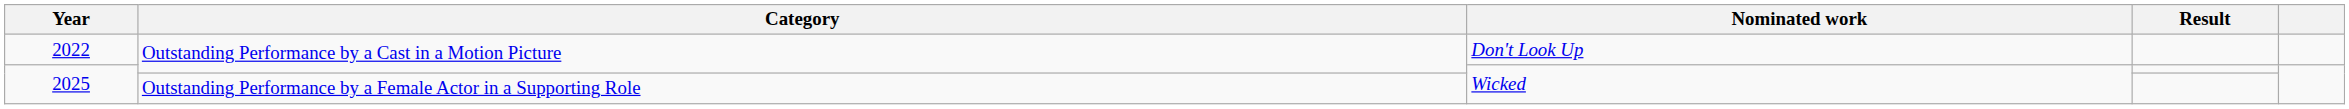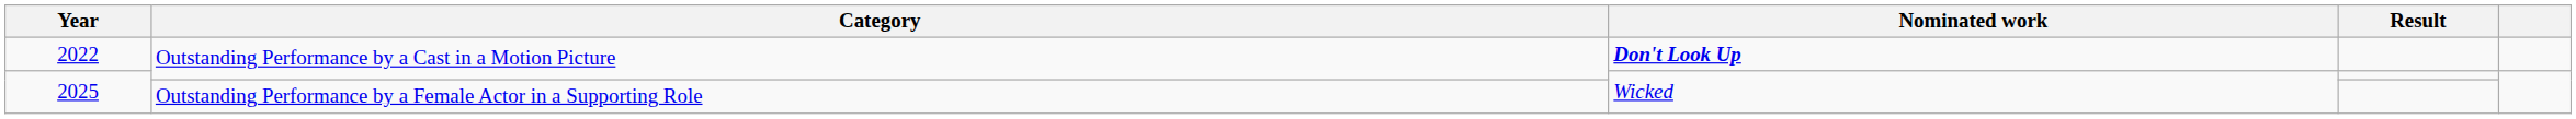 <table class="wikitable plainrowheaders" style="width:100%;">
 <tr>
 <th scope="col" style="width:2%;">Year</th>
 <th scope="col" style="width:20%;">Category</th>
 <th scope="col" style="width:10%;">Nominated work</th>
 <th scope="col" style="width:2%;">Result</th>
 <th scope="col" style="width:1%;"></th>
 </tr>
 <tr>
 <td align="center"><a href='#'>2022</a></td>
 <td rowspan="2"><a href='#'>Outstanding Performance by a Cast in a Motion Picture</a></td>
-<td><em><a href='#'>Don't Look Up</a></em></td>
+<td><strong><em><a href='#'>Don't Look Up</a></em></strong></td>
 <td></td>
 <td style="text-align:center;"></td>
 </tr>
 <tr>
 <td align="center" rowspan="2"><a href='#'>2025</a></td>
 <td rowspan=2><em><a href='#'>Wicked</a></em></td>
 <td></td>
 <td style="text-align:center;" rowspan="2"></td>
 </tr>
 <tr>
 <td><a href='#'>Outstanding Performance by a Female Actor in a Supporting Role</a></td>
 <td></td>
 </tr>
 </table>
